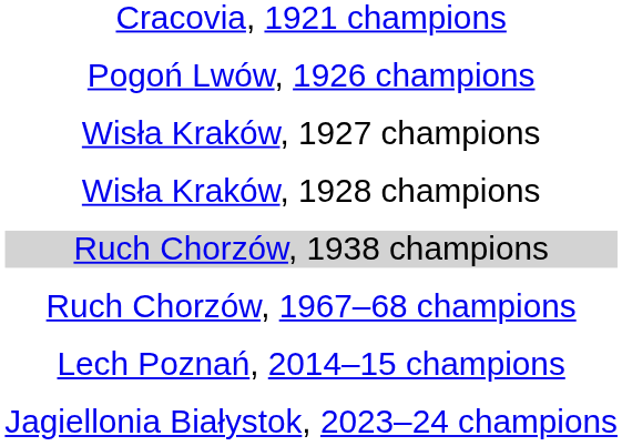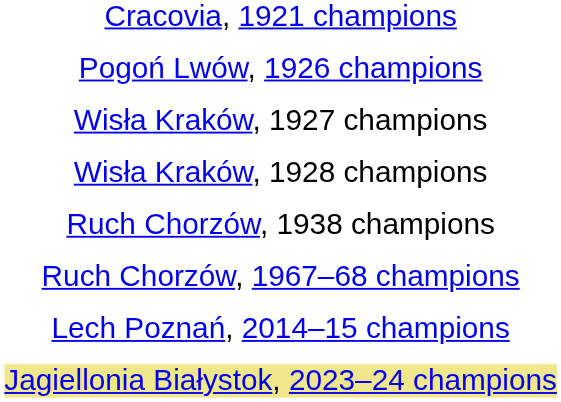 <table align=right cellspacing=5 cellpadding=0 style="margin: 0 0 1em 1em; text-align:center; float:right;">
 <tr>
 <td></td>
 </tr>
 <tr>
 <td><a href='#'>Cracovia</a>, <a href='#'>1921 champions</a></td>
 </tr>
 <tr>
 <td></td>
 </tr>
 <tr>
 <td><a href='#'>Pogoń Lwów</a>, <a href='#'>1926 champions</a></td>
 </tr>
 <tr>
 <td></td>
 </tr>
 <tr>
 <td><a href='#'>Wisła Kraków</a>, 1927 champions</td>
 </tr>
 <tr>
 <td></td>
 </tr>
 <tr>
 <td><a href='#'>Wisła Kraków</a>, 1928 champions</td>
 </tr>
 <tr>
 <td></td>
 </tr>
 <tr>
-<td style="background: lightgrey;"><a href='#'>Ruch Chorzów</a>, 1938 champions</td>
+<td><a href='#'>Ruch Chorzów</a>, 1938 champions</td>
 </tr>
 <tr>
 <td></td>
 </tr>
 <tr>
 <td><a href='#'>Ruch Chorzów</a>, <a href='#'>1967–68 champions</a></td>
 </tr>
 <tr>
 <td></td>
 </tr>
 <tr>
 <td><a href='#'>Lech Poznań</a>, <a href='#'>2014–15 champions</a></td>
 </tr>
 <tr>
 <td></td>
 </tr>
 <tr>
-<td><a href='#'>Jagiellonia Białystok</a>, <a href='#'>2023–24 champions</a></td>
+<td style="background: khaki;"><a href='#'>Jagiellonia Białystok</a>, <a href='#'>2023–24 champions</a></td>
 </tr>
 </table>
